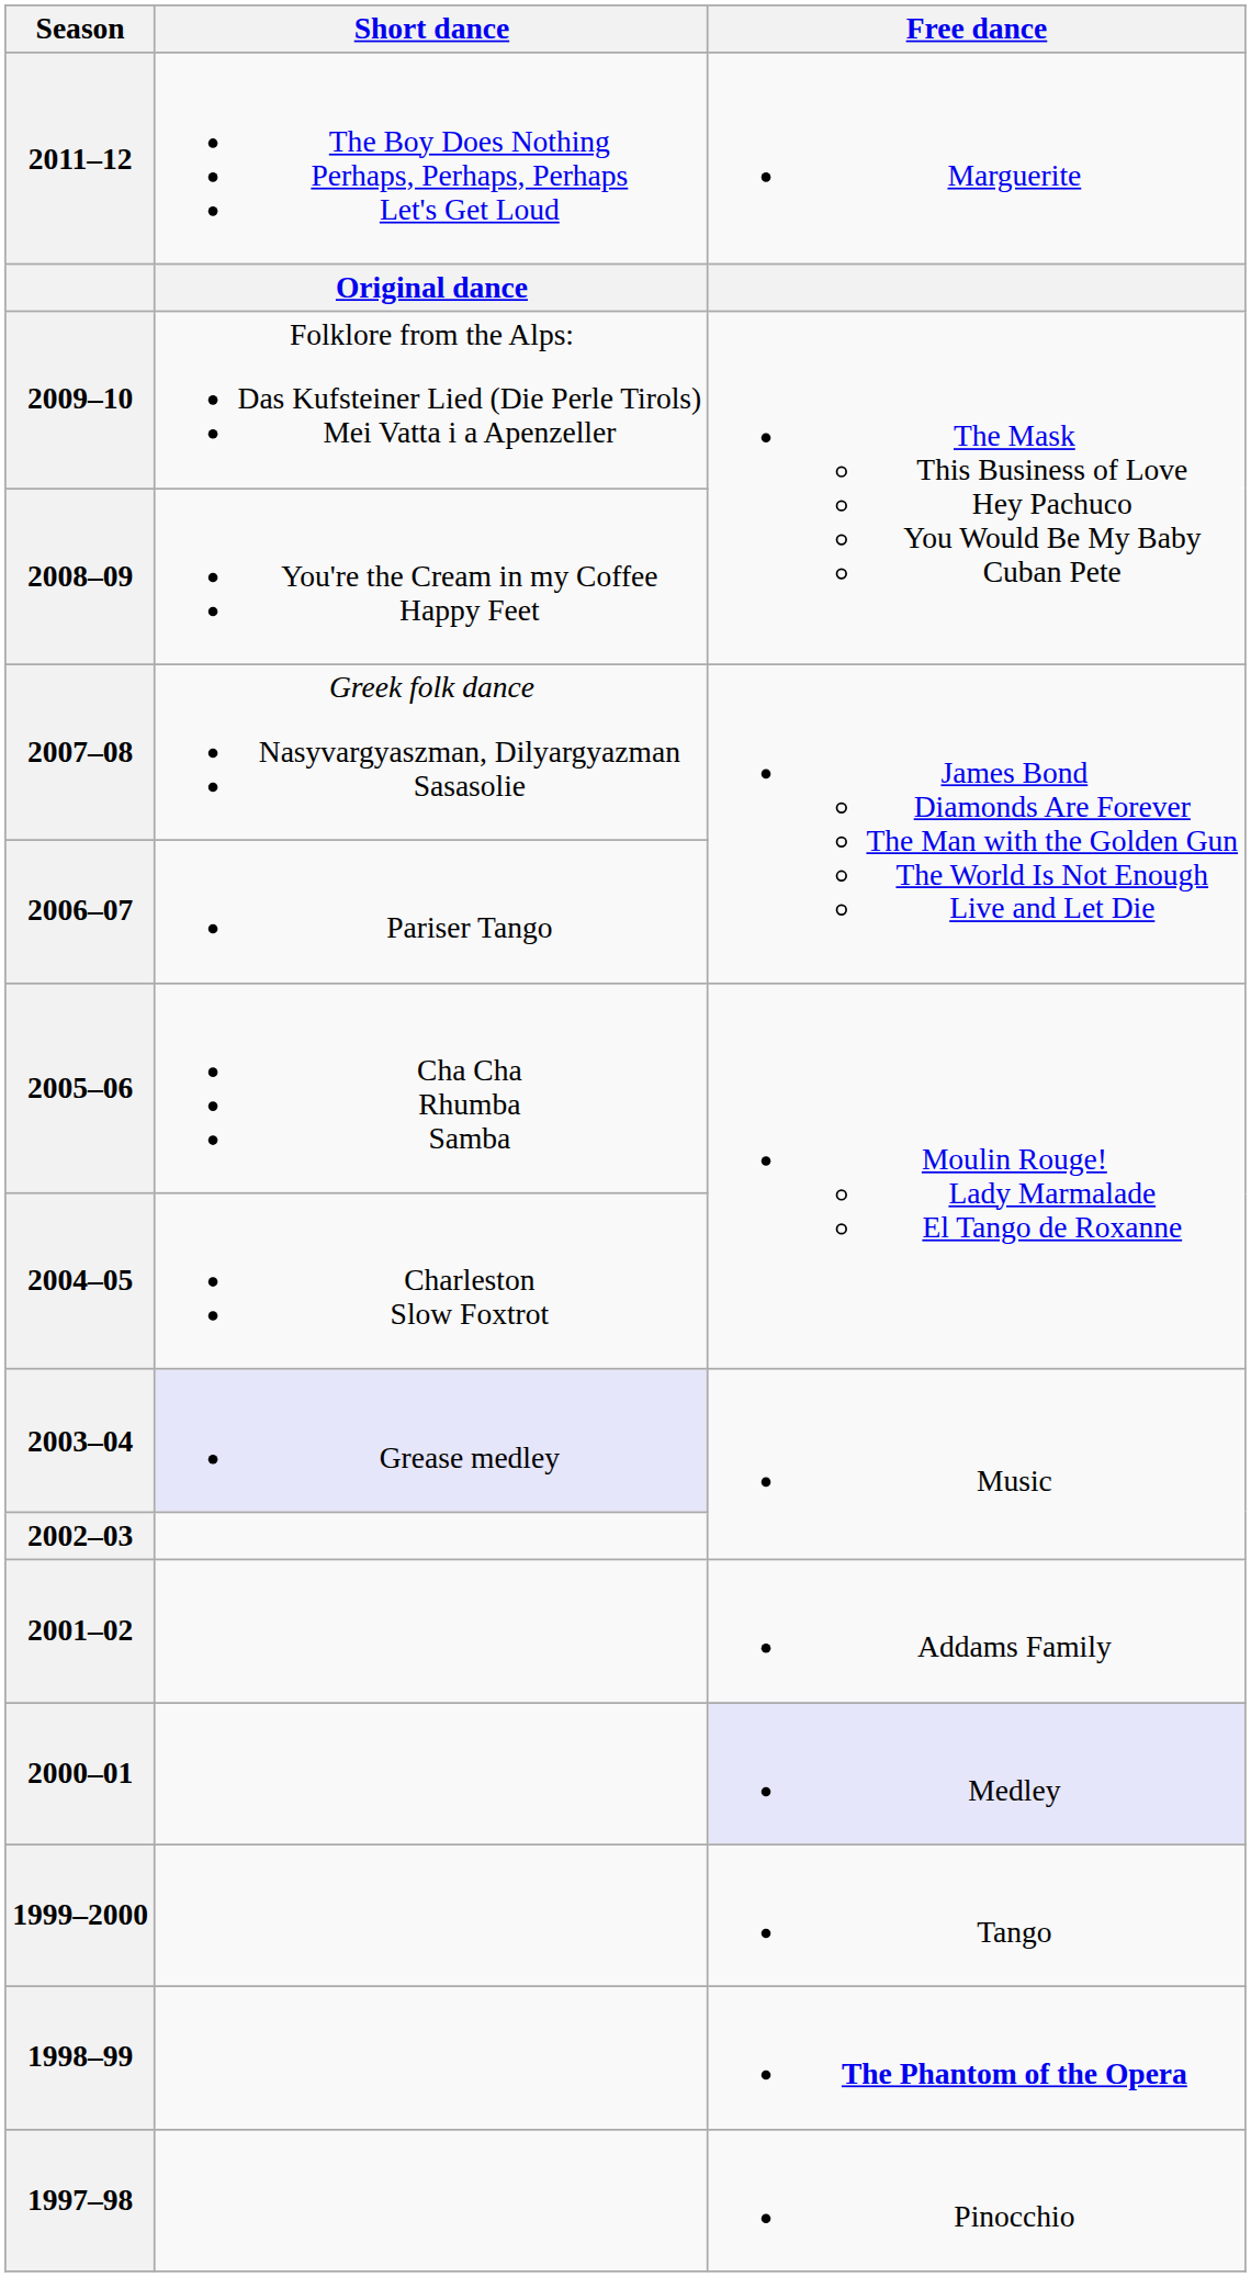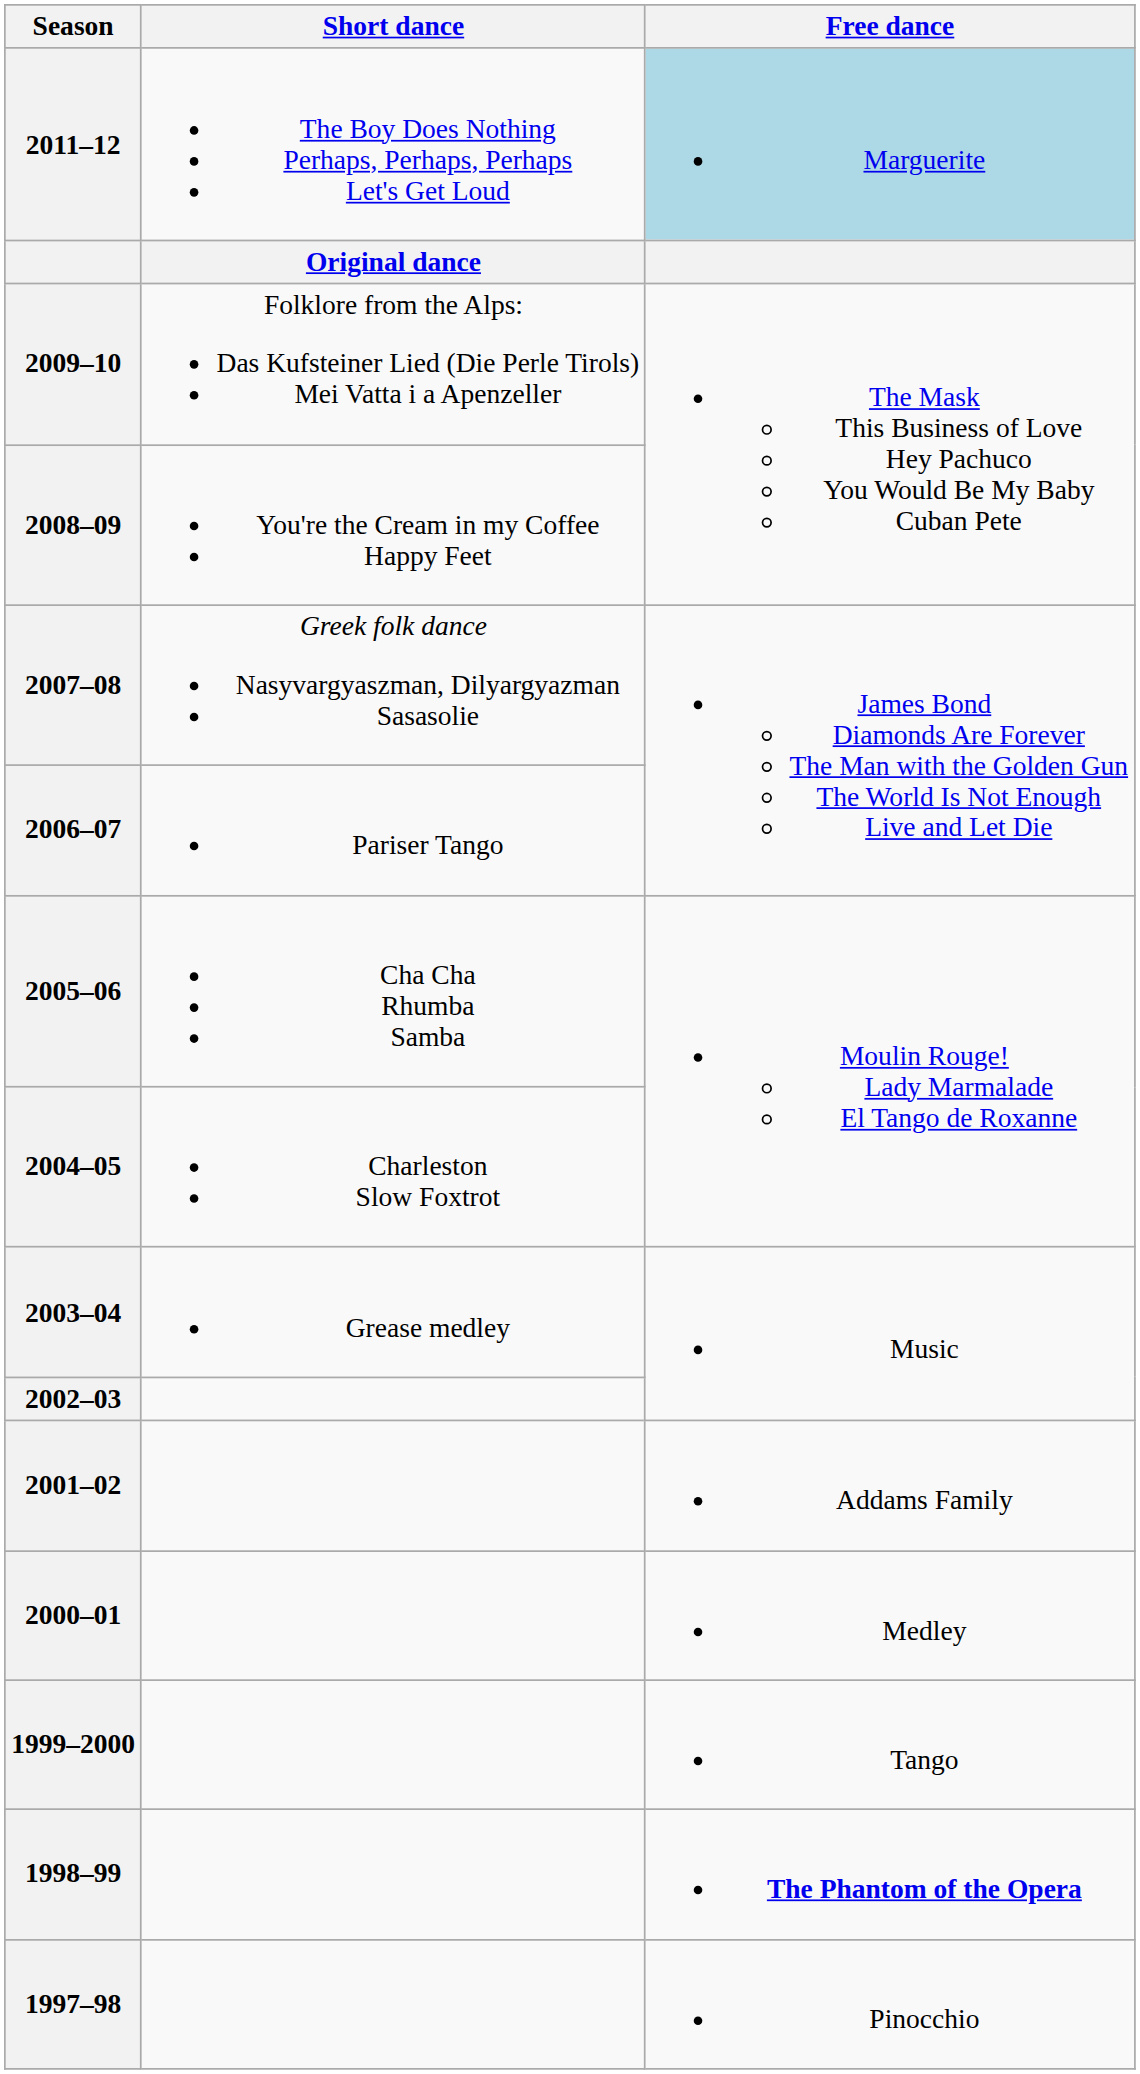 <table class="wikitable" style="text-align:center">
 <tr>
 <th>Season</th>
 <th><a href='#'>Short dance</a></th>
 <th><a href='#'>Free dance</a></th>
 </tr>
 <tr>
 <th>2011–12 <br></th>
 <td><br><ul><li><a href='#'>The Boy Does Nothing</a> <br></li><li><a href='#'>Perhaps, Perhaps, Perhaps</a> <br></li><li><a href='#'>Let's Get Loud</a> <br></li></ul></td>
-<td><br><ul><li><a href='#'>Marguerite</a> <br></li></ul></td>
+<td style="background: lightblue;"><br><ul><li><a href='#'>Marguerite</a> <br></li></ul></td>
 </tr>
 <tr>
 <th></th>
 <th><a href='#'>Original dance</a></th>
 <th></th>
 </tr>
 <tr>
 <th>2009–10 <br></th>
 <td>Folklore from the Alps:<br><ul><li>Das Kufsteiner Lied (Die Perle Tirols)</li><li>Mei Vatta i a Apenzeller</li></ul></td>
 <td rowspan=2><br><ul><li><a href='#'>The Mask</a><ul><li>This Business of Love</li><li>Hey Pachuco</li><li>You Would Be My Baby</li><li>Cuban Pete</li></ul></li></ul></td>
 </tr>
 <tr>
 <th>2008–09 <br></th>
 <td><br><ul><li> You're the Cream in my Coffee <br></li><li> Happy Feet</li></ul></td>
 </tr>
 <tr>
 <th>2007–08 <br></th>
 <td><em>Greek folk dance</em><br><ul><li>Nasyvargyaszman, Dilyargyazman</li><li>Sasasolie</li></ul></td>
 <td rowspan=2><br><ul><li><a href='#'>James Bond</a><ul><li><a href='#'>Diamonds Are Forever</a> <br></li><li><a href='#'>The Man with the Golden Gun</a> <br></li><li><a href='#'>The World Is Not Enough</a> <br></li><li><a href='#'>Live and Let Die</a> <br></li></ul></li></ul></td>
 </tr>
 <tr>
 <th>2006–07 <br></th>
 <td><br><ul><li>Pariser Tango <br></li></ul></td>
 </tr>
 <tr>
 <th>2005–06 <br></th>
 <td><br><ul><li>Cha Cha</li><li>Rhumba</li><li>Samba</li></ul></td>
 <td rowspan=2><br><ul><li><a href='#'>Moulin Rouge!</a><ul><li><a href='#'>Lady Marmalade</a></li><li><a href='#'>El Tango de Roxanne</a></li></ul></li></ul></td>
 </tr>
 <tr>
 <th>2004–05 <br></th>
 <td><br><ul><li>Charleston</li><li>Slow Foxtrot</li></ul></td>
 </tr>
 <tr>
 <th>2003–04 <br></th>
-<td style="background: lavender;"><br><ul><li>Grease medley</li></ul></td>
+<td><br><ul><li>Grease medley</li></ul></td>
 <td rowspan=2><br><ul><li>Music <br></li></ul></td>
 </tr>
 <tr>
 <th>2002–03 <br></th>
 <td></td>
 </tr>
 <tr>
 <th>2001–02 <br></th>
 <td></td>
 <td><br><ul><li>Addams Family</li></ul></td>
 </tr>
 <tr>
 <th>2000–01 <br></th>
 <td></td>
-<td style="background: lavender;"><br><ul><li>Medley <br></li></ul></td>
+<td><br><ul><li>Medley <br></li></ul></td>
 </tr>
 <tr>
 <th>1999–2000 <br></th>
 <td></td>
 <td><br><ul><li>Tango</li></ul></td>
 </tr>
 <tr>
 <th>1998–99 <br></th>
 <td></td>
 <td><strong><br><ul><li><a href='#'>The Phantom of the Opera</a></li></ul></strong></td>
 </tr>
 <tr>
 <th>1997–98 <br></th>
 <td></td>
 <td><br><ul><li>Pinocchio</li></ul></td>
 </tr>
 </table>
